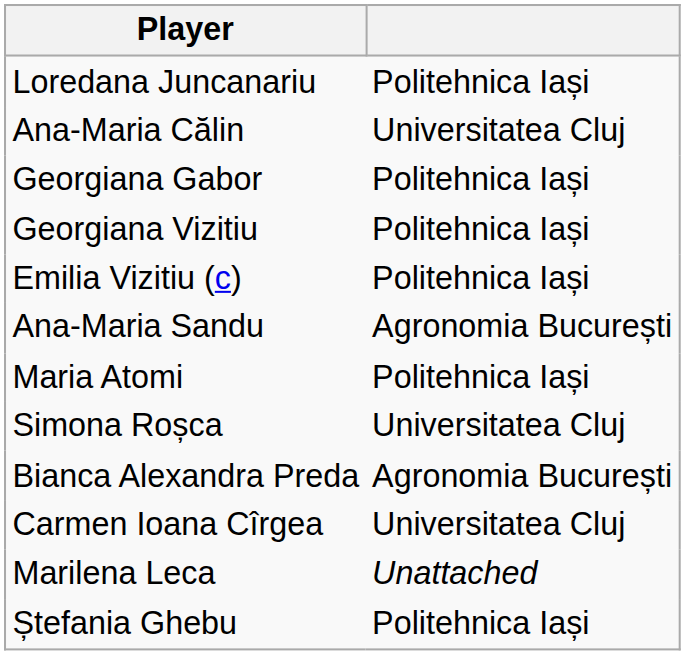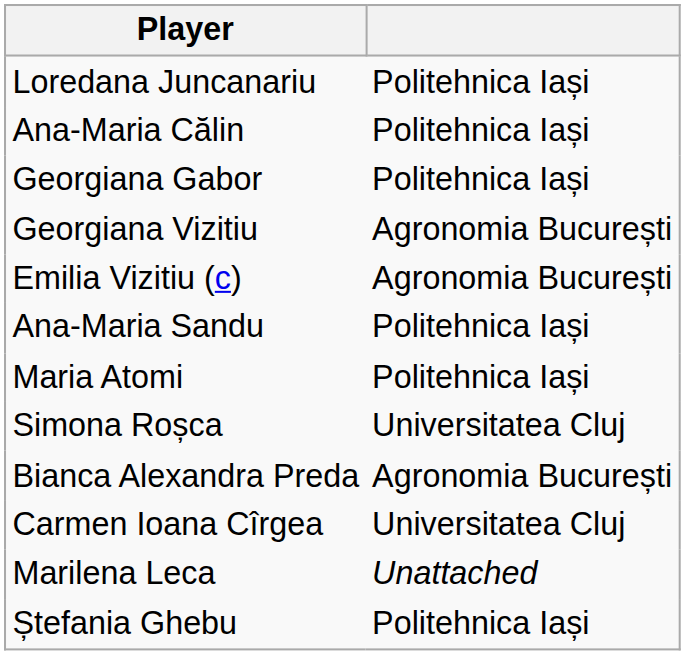 <table class="sortable wikitable plainrowheaders" style="font-size:">
 <tr>
 <th scope="col">Player</th>
 <th scope="col"></th>
 </tr>
 <tr>
 <td style="text-align:left; border:0">Loredana Juncanariu</td>
 <td style="text-align:left; border:0"> Politehnica Iași</td>
 </tr>
 <tr>
 <td style="text-align:left; border:0">Ana-Maria Călin</td>
-<td style="text-align:left; border:0"> Universitatea Cluj</td>
+<td style="text-align:left; border:0"> Politehnica Iași</td>
 </tr>
 <tr>
 <td style="text-align:left; border:0">Georgiana Gabor</td>
 <td style="text-align:left; border:0"> Politehnica Iași</td>
 </tr>
 <tr>
 <td style="text-align:left; border:0">Georgiana Vizitiu</td>
-<td style="text-align:left; border:0"> Politehnica Iași</td>
+<td style="text-align:left; border:0"> Agronomia București</td>
 </tr>
 <tr>
 <td style="text-align:left; border:0">Emilia Vizitiu (<a href='#'>c</a>)</td>
-<td style="text-align:left; border:0"> Politehnica Iași</td>
+<td style="text-align:left; border:0"> Agronomia București</td>
 </tr>
 <tr>
 <td style="text-align:left; border:0">Ana-Maria Sandu</td>
-<td style="text-align:left; border:0"> Agronomia București</td>
+<td style="text-align:left; border:0"> Politehnica Iași</td>
 </tr>
 <tr>
 <td style="text-align:left; border:0">Maria Atomi</td>
 <td style="text-align:left; border:0"> Politehnica Iași</td>
 </tr>
 <tr>
 <td style="text-align:left; border:0">Simona Roșca</td>
 <td style="text-align:left; border:0"> Universitatea Cluj</td>
 </tr>
 <tr>
 <td style="text-align:left; border:0">Bianca Alexandra Preda</td>
 <td style="text-align:left; border:0"> Agronomia București</td>
 </tr>
 <tr>
 <td style="text-align:left; border:0">Carmen Ioana Cîrgea</td>
 <td style="text-align:left; border:0"> Universitatea Cluj</td>
 </tr>
 <tr>
 <td style="text-align:left; border:0">Marilena Leca</td>
 <td style="text-align:left; border:0"><em>Unattached</em></td>
 </tr>
 <tr>
 <td style="text-align:left; border:0">Ștefania Ghebu</td>
 <td style="text-align:left; border:0"> Politehnica Iași</td>
 </tr>
 </table>
